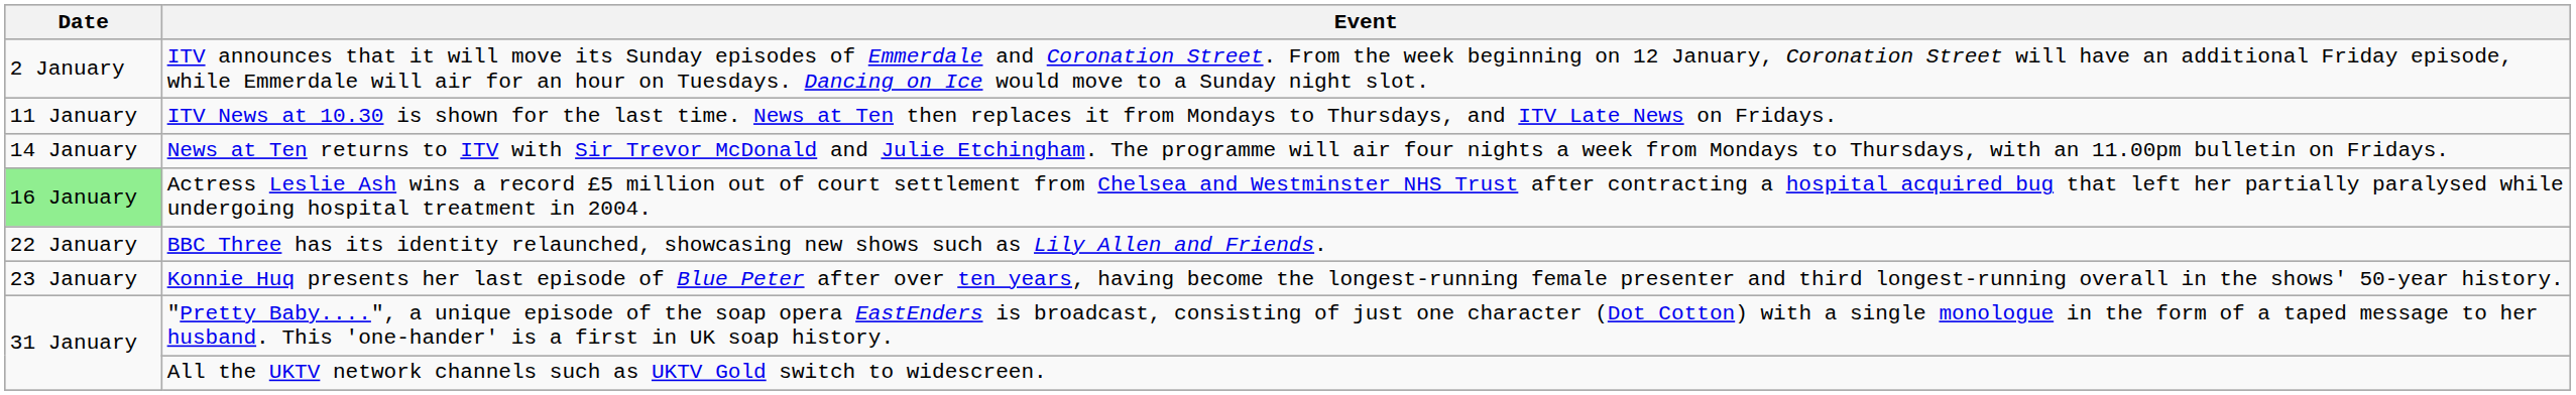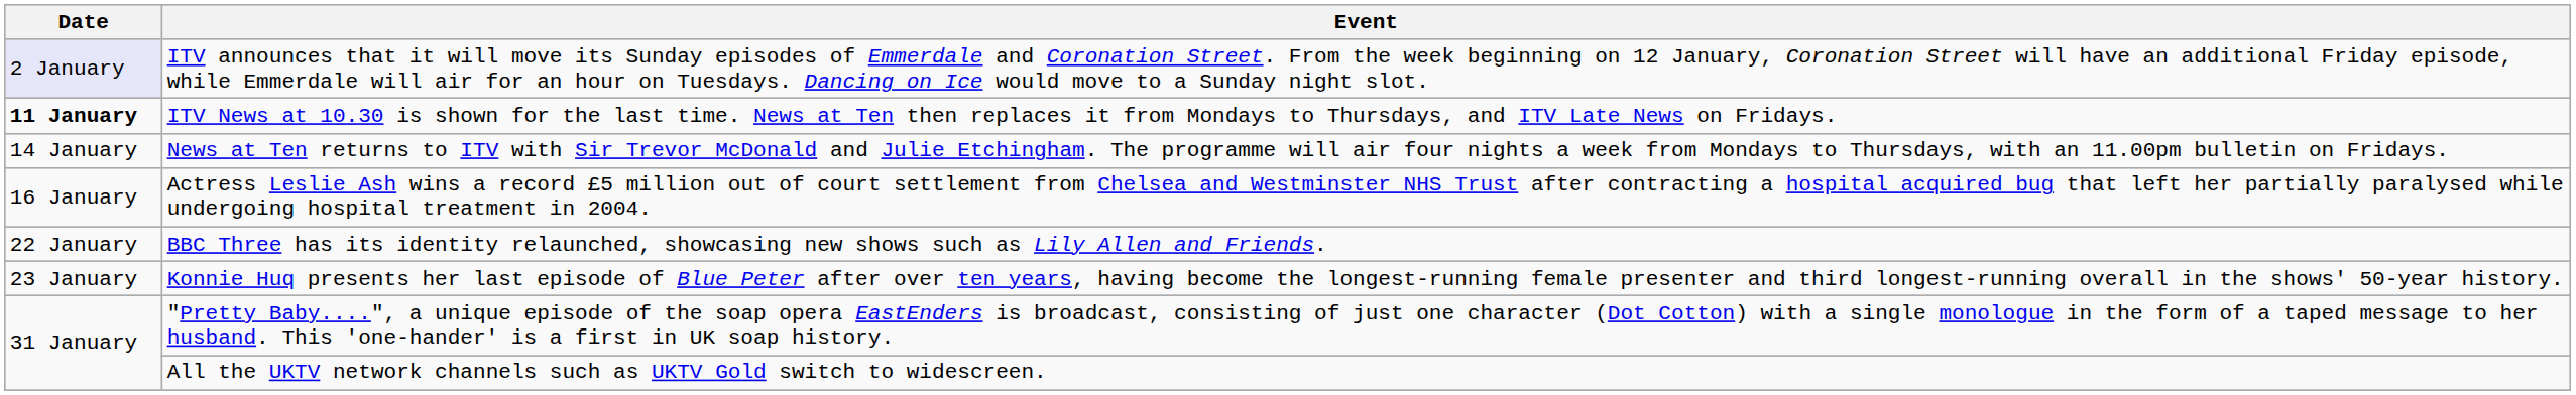 <table class="wikitable">
 <tr>
 <th width=90>Date</th>
 <th>Event</th>
 </tr>
 <tr>
-<td>2 January</td>
+<td style="background: lavender;">2 January</td>
 <td><a href='#'>ITV</a> announces that it will move its Sunday episodes of <em><a href='#'>Emmerdale</a></em> and <em><a href='#'>Coronation Street</a></em>. From the week beginning on 12 January, <em>Coronation Street</em> will have an additional Friday episode, while Emmerdale will air for an hour on Tuesdays. <em><a href='#'>Dancing on Ice</a></em> would move to a Sunday night slot.</td>
 </tr>
 <tr>
-<td>11 January</td>
+<td><strong>11 January</strong></td>
 <td><a href='#'>ITV News at 10.30</a> is shown for the last time. <a href='#'>News at Ten</a> then replaces it from Mondays to Thursdays, and <a href='#'>ITV Late News</a> on Fridays.</td>
 </tr>
 <tr>
 <td>14 January</td>
 <td><a href='#'>News at Ten</a> returns to <a href='#'>ITV</a> with <a href='#'>Sir Trevor McDonald</a> and <a href='#'>Julie Etchingham</a>. The programme will air four nights a week from Mondays to Thursdays, with an 11.00pm bulletin on Fridays.</td>
 </tr>
 <tr>
-<td style="background: lightgreen;">16 January</td>
+<td>16 January</td>
 <td>Actress <a href='#'>Leslie Ash</a> wins a record £5 million out of court settlement from <a href='#'>Chelsea and Westminster NHS Trust</a> after contracting a <a href='#'>hospital acquired bug</a> that left her partially paralysed while undergoing hospital treatment in 2004.</td>
 </tr>
 <tr>
 <td>22 January</td>
 <td><a href='#'>BBC Three</a> has its identity relaunched, showcasing new shows such as <em><a href='#'>Lily Allen and Friends</a></em>.</td>
 </tr>
 <tr>
 <td>23 January</td>
 <td><a href='#'>Konnie Huq</a> presents her last episode of <em><a href='#'>Blue Peter</a></em> after over <a href='#'>ten years</a>, having become the longest-running female presenter and third longest-running overall in the shows' 50-year history.</td>
 </tr>
 <tr>
 <td rowspan=2>31 January</td>
 <td>"<a href='#'>Pretty Baby....</a>", a unique episode of the soap opera <em><a href='#'>EastEnders</a></em> is broadcast, consisting of just one character (<a href='#'>Dot Cotton</a>) with a single <a href='#'>monologue</a> in the form of a taped message to her <a href='#'>husband</a>. This 'one-hander' is a first in UK soap history.</td>
 </tr>
 <tr>
 <td>All the <a href='#'>UKTV</a> network channels such as <a href='#'>UKTV Gold</a> switch to widescreen.</td>
 </tr>
 </table>
